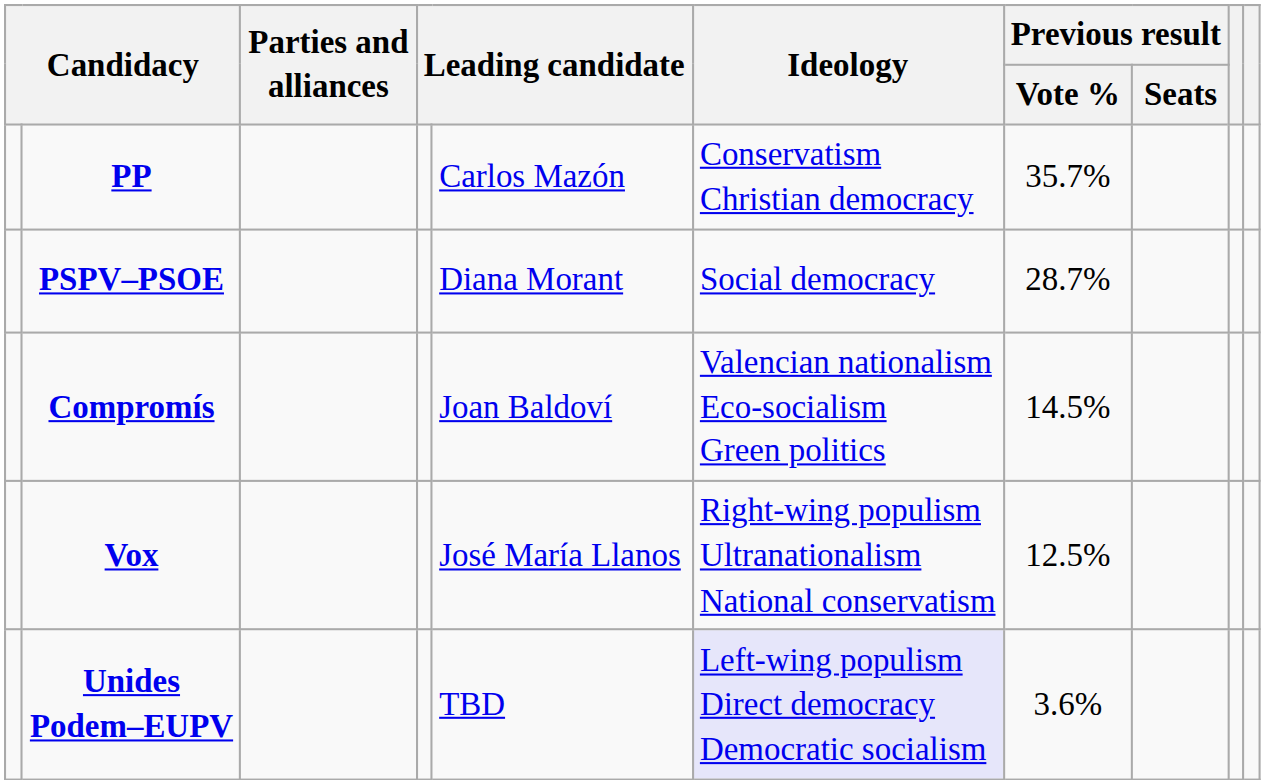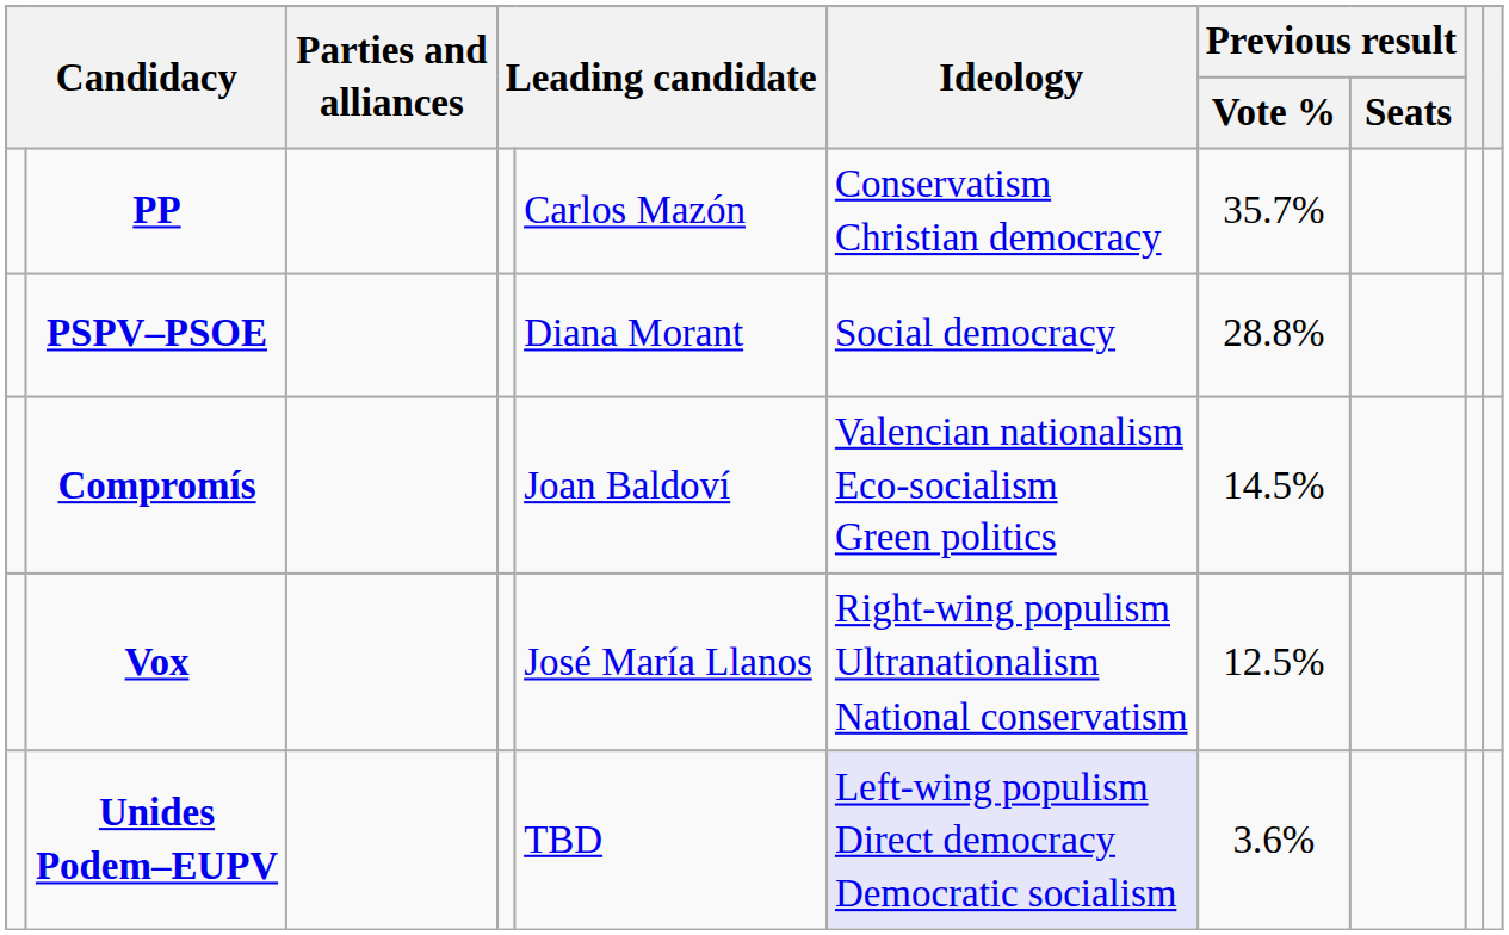 <table class="wikitable" style="line-height:1.35em; text-align:left;">
 <tr>
 <th colspan="2" rowspan="2">Candidacy</th>
 <th rowspan="2">Parties and<br>alliances</th>
 <th colspan="2" rowspan="2">Leading candidate</th>
 <th rowspan="2">Ideology</th>
 <th colspan="2">Previous result</th>
 <th rowspan="2"></th>
 <th rowspan="2"></th>
 </tr>
 <tr>
 <th>Vote %</th>
 <th>Seats</th>
 </tr>
 <tr>
 <td width="1" style="color:inherit;background:"></td>
 <td align="center"><strong><a href='#'>PP</a></strong></td>
 <td></td>
 <td></td>
 <td><a href='#'>Carlos Mazón</a></td>
 <td><a href='#'>Conservatism</a><br><a href='#'>Christian democracy</a></td>
 <td align="center">35.7%</td>
 <td></td>
 <td></td>
 <td></td>
 </tr>
 <tr>
 <td style="color:inherit;background:"></td>
 <td align="center"><strong><a href='#'>PSPV–PSOE</a></strong></td>
 <td></td>
 <td></td>
 <td><a href='#'>Diana Morant</a></td>
 <td><a href='#'>Social democracy</a></td>
-<td align="center">28.7%</td>
+<td align="center">28.8%</td>
 <td></td>
 <td></td>
 <td><br><br></td>
 </tr>
 <tr>
 <td style="color:inherit;background:"></td>
 <td align="center"><strong><a href='#'>Compromís</a></strong></td>
 <td></td>
 <td></td>
 <td><a href='#'>Joan Baldoví</a></td>
 <td><a href='#'>Valencian nationalism</a><br><a href='#'>Eco-socialism</a><br><a href='#'>Green politics</a></td>
 <td align="center">14.5%</td>
 <td></td>
 <td></td>
 <td></td>
 </tr>
 <tr>
 <td style="color:inherit;background:"></td>
 <td align="center"><strong><a href='#'>Vox</a></strong></td>
 <td></td>
 <td></td>
 <td><a href='#'>José María Llanos</a></td>
 <td><a href='#'>Right-wing populism</a><br><a href='#'>Ultranationalism</a><br><a href='#'>National conservatism</a></td>
 <td align="center">12.5%</td>
 <td></td>
 <td></td>
 <td></td>
 </tr>
 <tr>
 <td style="color:inherit;background:"></td>
 <td align="center"><strong><a href='#'>Unides<br>Podem–EUPV</a></strong></td>
 <td></td>
 <td></td>
 <td><a href='#'>TBD</a></td>
 <td style="background: lavender;"><a href='#'>Left-wing populism</a><br><a href='#'>Direct democracy</a><br><a href='#'>Democratic socialism</a></td>
 <td align="center">3.6%</td>
 <td></td>
 <td></td>
 <td></td>
 </tr>
 </table>
